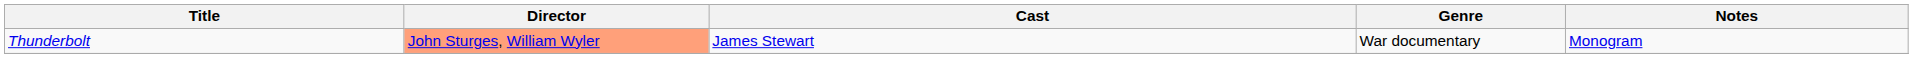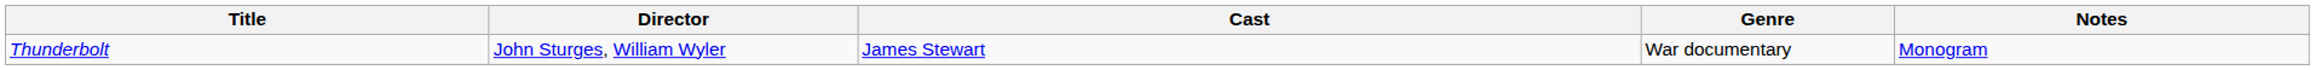 <table class="wikitable" style="width:100%;">
 <tr>
 <th style="width:21%;">Title</th>
 <th style="width:16%;">Director</th>
 <th style="width:34%;">Cast</th>
 <th style="width:11%;">Genre</th>
 <th style="width:18%;">Notes</th>
 </tr>
 <tr>
 <td><em><a href='#'>Thunderbolt</a></em></td>
-<td style="background: lightsalmon;"><a href='#'>John Sturges</a>, <a href='#'>William Wyler</a></td>
+<td><a href='#'>John Sturges</a>, <a href='#'>William Wyler</a></td>
 <td><a href='#'>James Stewart</a></td>
 <td>War documentary</td>
 <td><a href='#'>Monogram</a></td>
 </tr>
 <tr>
 </tr>
 </table>
